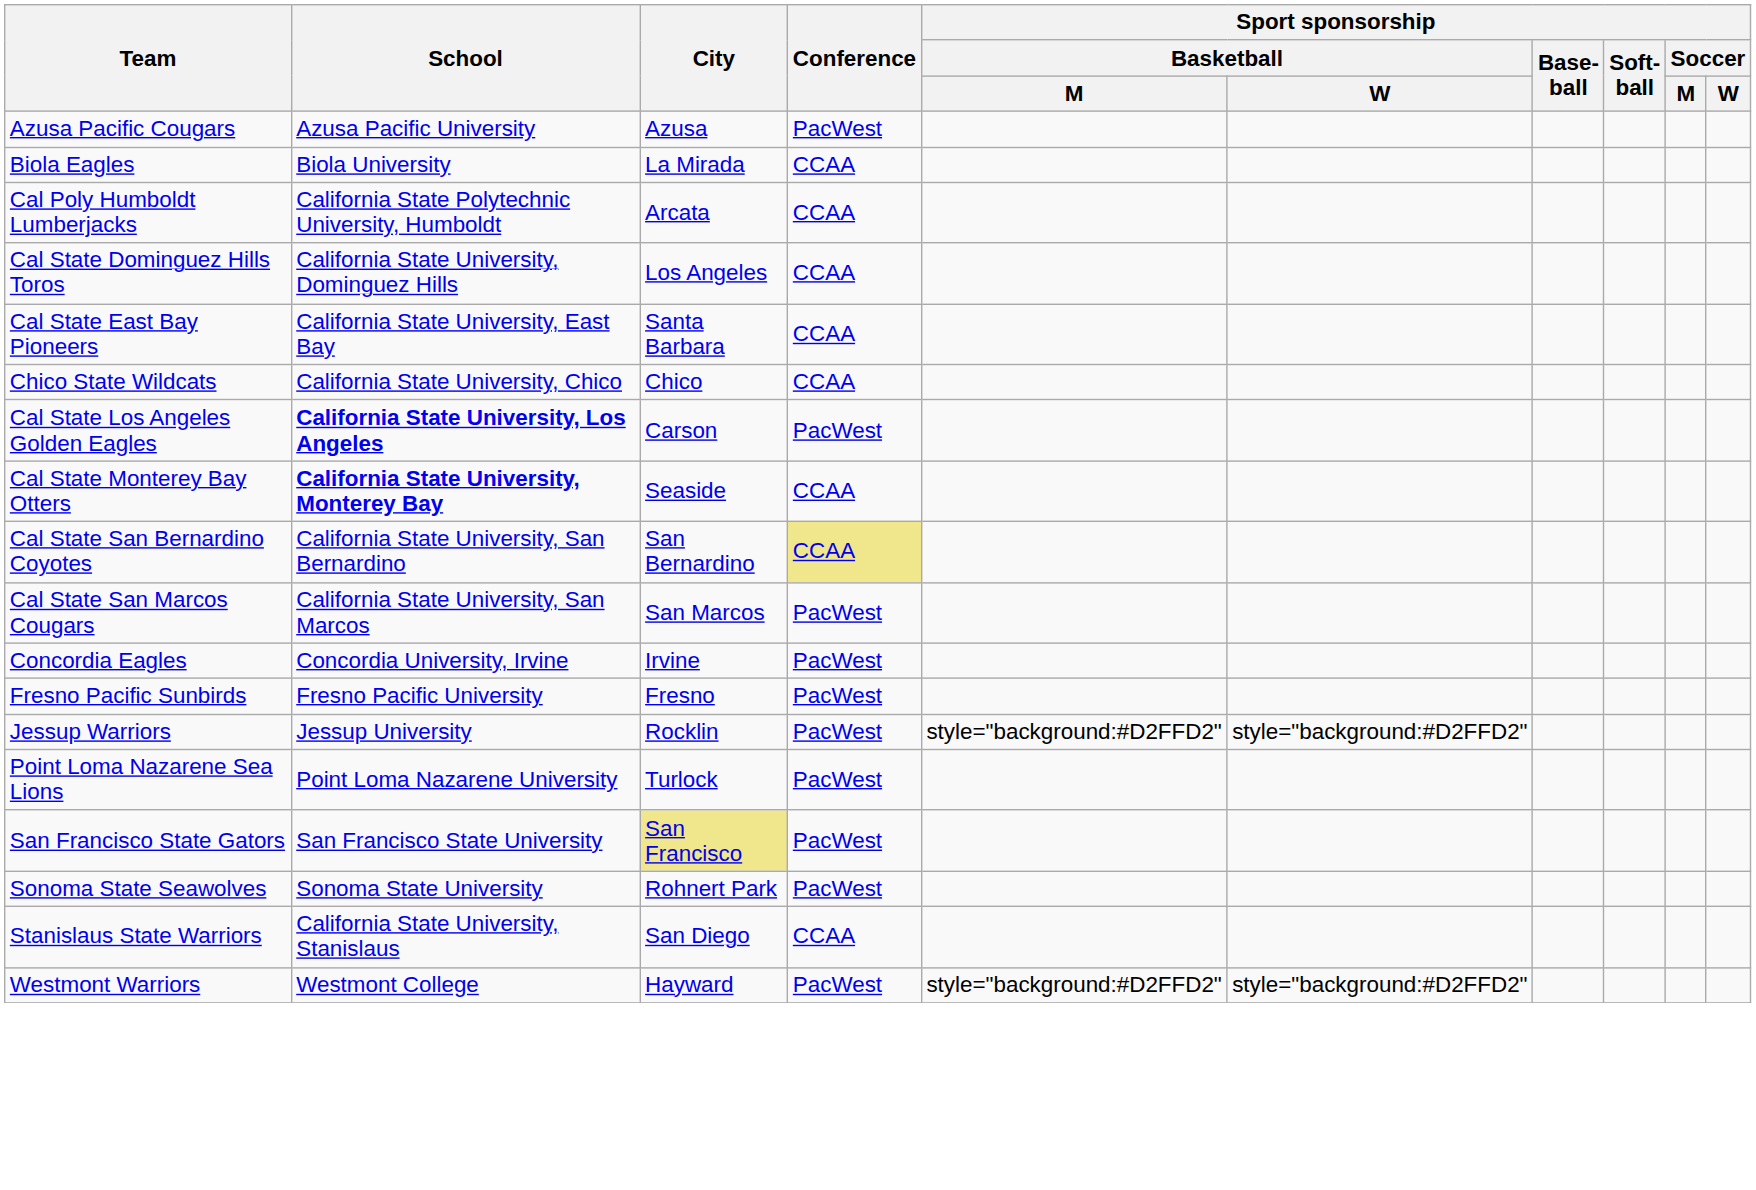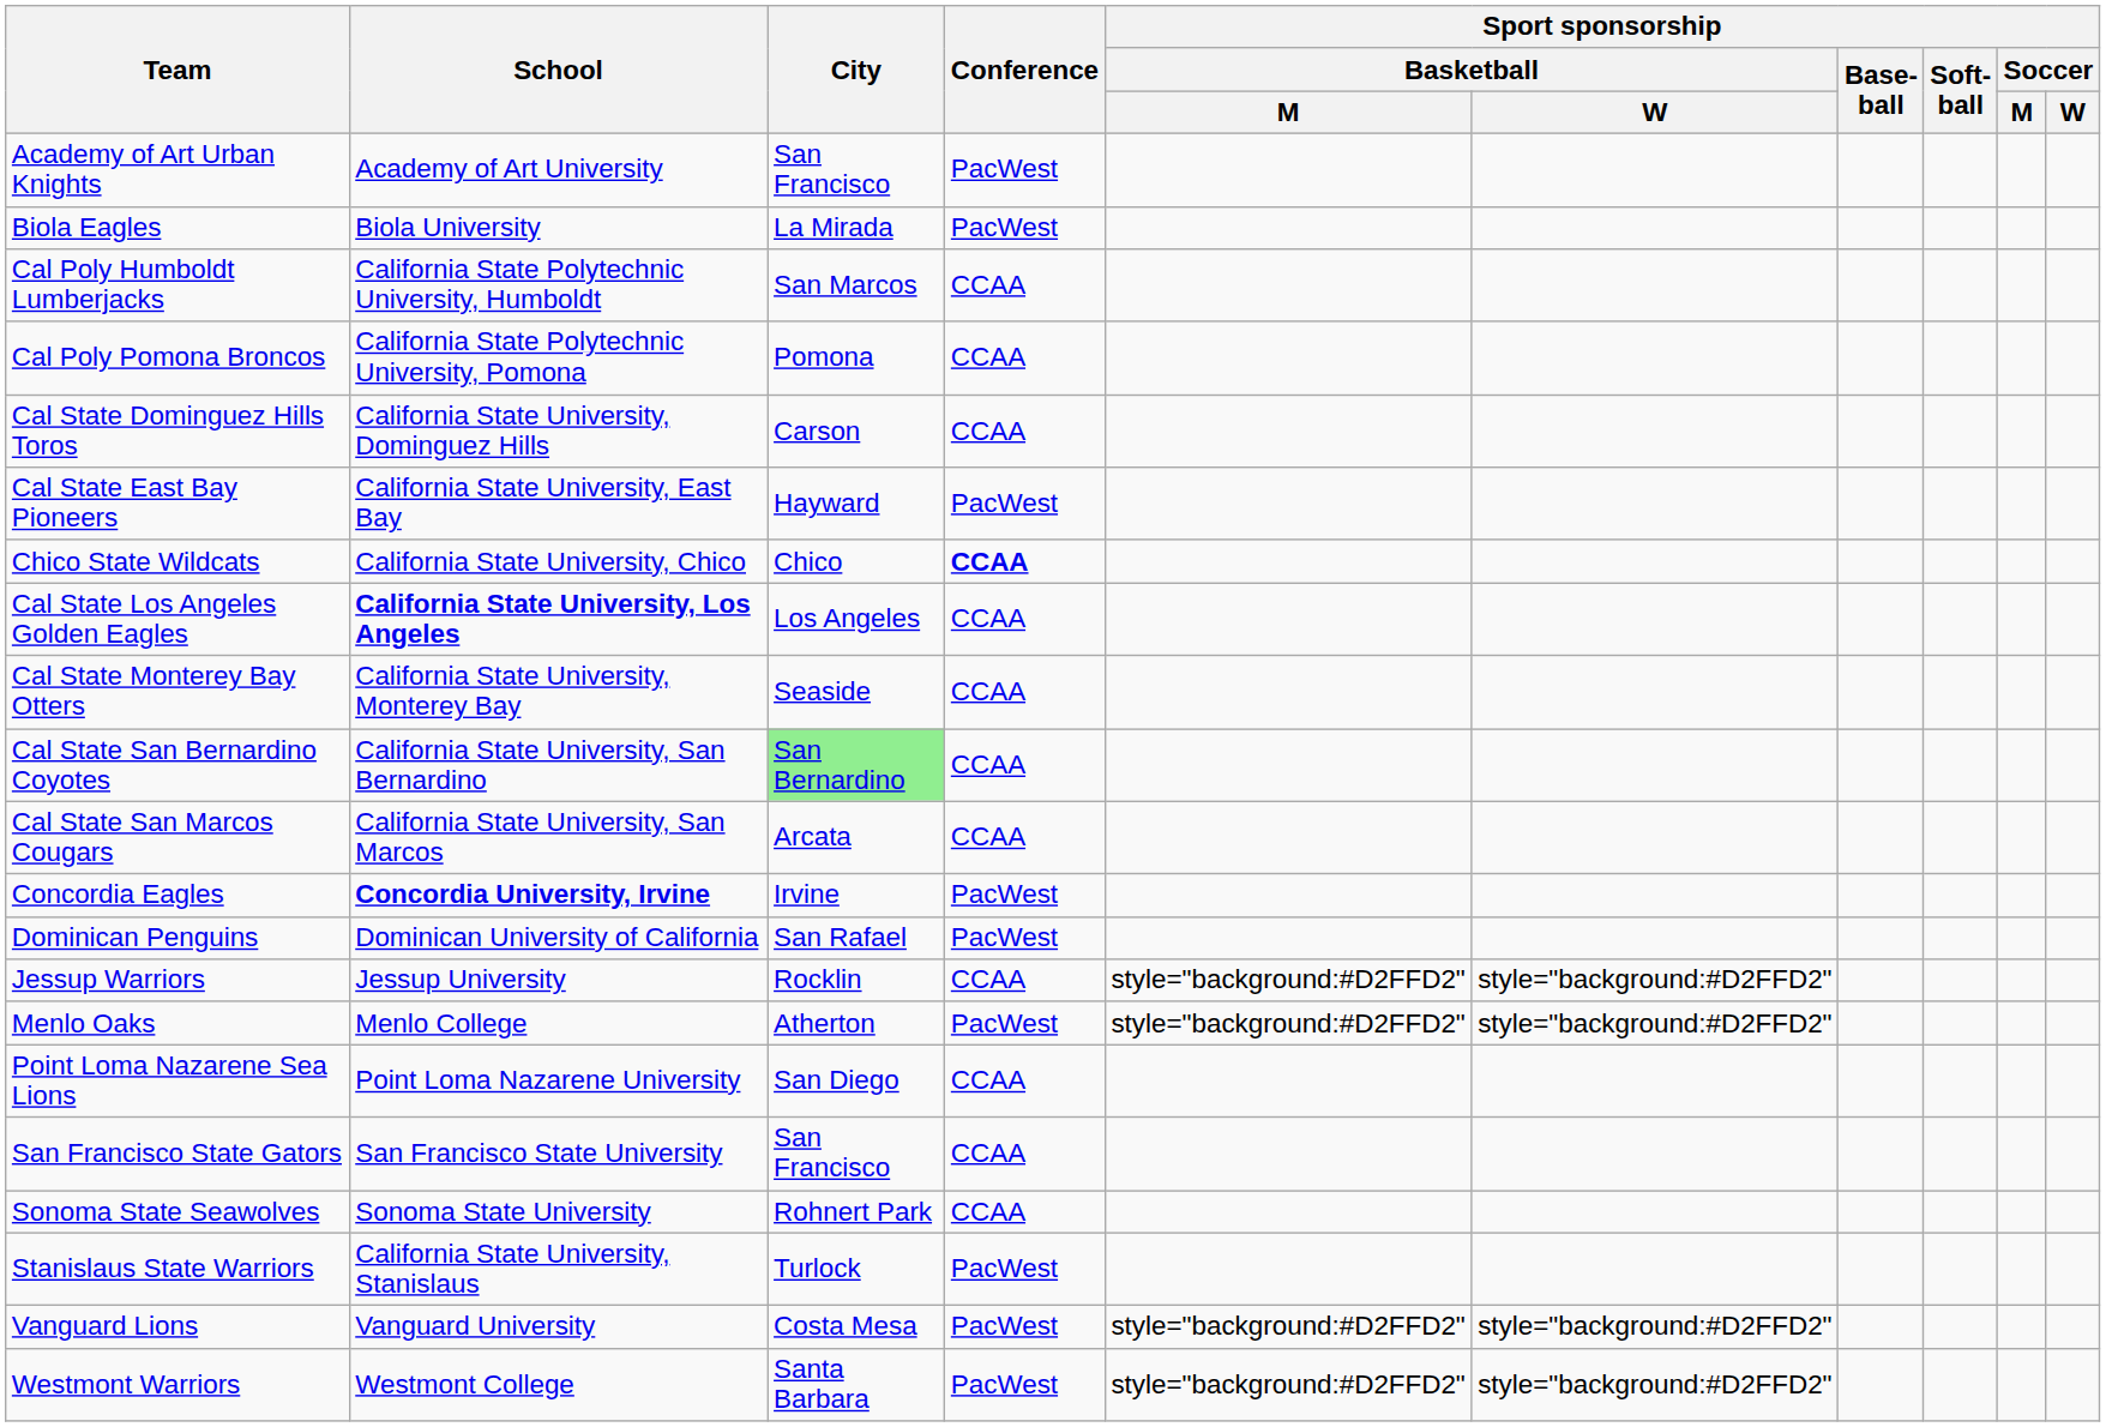 <table class="sortable wikitable">
 <tr>
 <th rowspan=3>Team</th>
 <th rowspan=3>School</th>
 <th rowspan=3>City</th>
 <th rowspan=3>Conference</th>
 <th colspan=6>Sport sponsorship</th>
 </tr>
 <tr>
 <th colspan=2>Basketball</th>
 <th rowspan=2>Base-<br>ball</th>
 <th rowspan=2>Soft-<br>ball</th>
 <th colspan=2>Soccer</th>
 </tr>
 <tr>
 <th>M</th>
 <th>W</th>
 <th>M</th>
 <th>W</th>
 </tr>
 <tr>
-<td><a href='#'>Azusa Pacific Cougars</a></td>
-<td><a href='#'>Azusa Pacific University</a></td>
-<td><a href='#'>Azusa</a></td>
+<td><a href='#'>Academy of Art Urban Knights</a></td>
+<td><a href='#'>Academy of Art University</a></td>
+<td><a href='#'>San Francisco</a></td>
 <td><a href='#'>PacWest</a></td>
 <td></td>
 <td></td>
 <td></td>
 <td></td>
 <td></td>
 <td></td>
 </tr>
 <tr>
 <td><a href='#'>Biola Eagles</a></td>
 <td><a href='#'>Biola University</a></td>
 <td><a href='#'>La Mirada</a></td>
-<td><a href='#'>CCAA</a></td>
+<td><a href='#'>PacWest</a></td>
 <td></td>
 <td></td>
 <td></td>
 <td></td>
 <td></td>
 <td></td>
 </tr>
 <tr>
 <td><a href='#'>Cal Poly Humboldt Lumberjacks</a></td>
 <td><a href='#'>California State Polytechnic University, Humboldt</a></td>
-<td><a href='#'>Arcata</a></td>
+<td><a href='#'>San Marcos</a></td>
+<td><a href='#'>CCAA</a></td>
+<td></td>
+<td></td>
+<td></td>
+<td></td>
+<td></td>
+<td></td>
+</tr>
+<tr>
+<td><a href='#'>Cal Poly Pomona Broncos</a></td>
+<td><a href='#'>California State Polytechnic University, Pomona</a></td>
+<td><a href='#'>Pomona</a></td>
 <td><a href='#'>CCAA</a></td>
 <td></td>
 <td></td>
 <td></td>
 <td></td>
 <td></td>
 <td></td>
 </tr>
 <tr>
 <td><a href='#'>Cal State Dominguez Hills Toros</a></td>
 <td><a href='#'>California State University, Dominguez Hills</a></td>
-<td><a href='#'>Los Angeles</a></td>
+<td><a href='#'>Carson</a></td>
 <td><a href='#'>CCAA</a></td>
 <td></td>
 <td></td>
 <td></td>
 <td></td>
 <td></td>
 <td></td>
 </tr>
 <tr>
 <td><a href='#'>Cal State East Bay Pioneers</a></td>
 <td><a href='#'>California State University, East Bay</a></td>
-<td><a href='#'>Santa Barbara</a></td>
-<td><a href='#'>CCAA</a></td>
+<td><a href='#'>Hayward</a></td>
+<td><a href='#'>PacWest</a></td>
 <td></td>
 <td></td>
 <td></td>
 <td></td>
 <td></td>
 <td></td>
 </tr>
 <tr>
 <td><a href='#'>Chico State Wildcats</a></td>
 <td><a href='#'>California State University, Chico</a></td>
 <td><a href='#'>Chico</a></td>
-<td><a href='#'>CCAA</a></td>
+<td><strong><a href='#'>CCAA</a></strong></td>
 <td></td>
 <td></td>
 <td></td>
 <td></td>
 <td></td>
 <td></td>
 </tr>
 <tr>
 <td><a href='#'>Cal State Los Angeles Golden Eagles</a></td>
 <td><strong><a href='#'>California State University, Los Angeles</a></strong></td>
-<td><a href='#'>Carson</a></td>
-<td><a href='#'>PacWest</a></td>
+<td><a href='#'>Los Angeles</a></td>
+<td><a href='#'>CCAA</a></td>
 <td></td>
 <td></td>
 <td></td>
 <td></td>
 <td></td>
 <td></td>
 </tr>
 <tr>
 <td><a href='#'>Cal State Monterey Bay Otters</a></td>
-<td><strong><a href='#'>California State University, Monterey Bay</a></strong></td>
+<td><a href='#'>California State University, Monterey Bay</a></td>
 <td><a href='#'>Seaside</a></td>
 <td><a href='#'>CCAA</a></td>
 <td></td>
 <td></td>
 <td></td>
 <td></td>
 <td></td>
 <td></td>
 </tr>
 <tr>
 <td><a href='#'>Cal State San Bernardino Coyotes</a></td>
 <td><a href='#'>California State University, San Bernardino</a></td>
-<td><a href='#'>San Bernardino</a></td>
-<td style="background: khaki;"><a href='#'>CCAA</a></td>
+<td style="background: lightgreen;"><a href='#'>San Bernardino</a></td>
+<td><a href='#'>CCAA</a></td>
 <td></td>
 <td></td>
 <td></td>
 <td></td>
 <td></td>
 <td></td>
 </tr>
 <tr>
 <td><a href='#'>Cal State San Marcos Cougars</a></td>
 <td><a href='#'>California State University, San Marcos</a></td>
-<td><a href='#'>San Marcos</a></td>
-<td><a href='#'>PacWest</a></td>
+<td><a href='#'>Arcata</a></td>
+<td><a href='#'>CCAA</a></td>
 <td></td>
 <td></td>
 <td></td>
 <td></td>
 <td></td>
 <td></td>
 </tr>
 <tr>
 <td><a href='#'>Concordia Eagles</a></td>
-<td><a href='#'>Concordia University, Irvine</a></td>
+<td><strong><a href='#'>Concordia University, Irvine</a></strong></td>
 <td><a href='#'>Irvine</a></td>
 <td><a href='#'>PacWest</a></td>
 <td></td>
 <td></td>
 <td></td>
 <td></td>
 <td></td>
 <td></td>
 </tr>
 <tr>
-<td><a href='#'>Fresno Pacific Sunbirds</a></td>
-<td><a href='#'>Fresno Pacific University</a></td>
-<td><a href='#'>Fresno</a></td>
+<td><a href='#'>Dominican Penguins</a></td>
+<td><a href='#'>Dominican University of California</a></td>
+<td><a href='#'>San Rafael</a></td>
 <td><a href='#'>PacWest</a></td>
 <td></td>
 <td></td>
 <td></td>
 <td></td>
 <td></td>
 <td></td>
 </tr>
 <tr>
 <td><a href='#'>Jessup Warriors</a></td>
 <td><a href='#'>Jessup University</a></td>
 <td><a href='#'>Rocklin</a></td>
+<td><a href='#'>CCAA</a></td>
+<td>style="background:#D2FFD2" </td>
+<td>style="background:#D2FFD2" </td>
+<td></td>
+<td></td>
+<td></td>
+<td></td>
+</tr>
+<tr>
+<td><a href='#'>Menlo Oaks</a></td>
+<td><a href='#'>Menlo College</a></td>
+<td><a href='#'>Atherton</a></td>
 <td><a href='#'>PacWest</a></td>
 <td>style="background:#D2FFD2" </td>
 <td>style="background:#D2FFD2" </td>
 <td></td>
 <td></td>
 <td></td>
 <td></td>
 </tr>
 <tr>
 <td><a href='#'>Point Loma Nazarene Sea Lions</a></td>
 <td><a href='#'>Point Loma Nazarene University</a></td>
-<td><a href='#'>Turlock</a></td>
-<td><a href='#'>PacWest</a></td>
+<td><a href='#'>San Diego</a></td>
+<td><a href='#'>CCAA</a></td>
 <td></td>
 <td></td>
 <td></td>
 <td></td>
 <td></td>
 <td></td>
 </tr>
 <tr>
 <td><a href='#'>San Francisco State Gators</a></td>
 <td><a href='#'>San Francisco State University</a></td>
-<td style="background: khaki;"><a href='#'>San Francisco</a></td>
-<td><a href='#'>PacWest</a></td>
+<td><a href='#'>San Francisco</a></td>
+<td><a href='#'>CCAA</a></td>
 <td></td>
 <td></td>
 <td></td>
 <td></td>
 <td></td>
 <td></td>
 </tr>
 <tr>
 <td><a href='#'>Sonoma State Seawolves</a></td>
 <td><a href='#'>Sonoma State University</a></td>
 <td><a href='#'>Rohnert Park</a></td>
-<td><a href='#'>PacWest</a></td>
+<td><a href='#'>CCAA</a></td>
 <td></td>
 <td></td>
 <td></td>
 <td></td>
 <td></td>
 <td></td>
 </tr>
 <tr>
 <td><a href='#'>Stanislaus State Warriors</a></td>
 <td><a href='#'>California State University, Stanislaus</a></td>
-<td><a href='#'>San Diego</a></td>
-<td><a href='#'>CCAA</a></td>
+<td><a href='#'>Turlock</a></td>
+<td><a href='#'>PacWest</a></td>
 <td></td>
 <td></td>
 <td></td>
 <td></td>
 <td></td>
 <td></td>
 </tr>
 <tr>
+<td><a href='#'>Vanguard Lions</a></td>
+<td><a href='#'>Vanguard University</a></td>
+<td><a href='#'>Costa Mesa</a></td>
+<td><a href='#'>PacWest</a></td>
+<td>style="background:#D2FFD2" </td>
+<td>style="background:#D2FFD2" </td>
+<td></td>
+<td></td>
+<td></td>
+<td></td>
+</tr>
+<tr>
 <td><a href='#'>Westmont Warriors</a> </td>
 <td><a href='#'>Westmont College</a></td>
-<td><a href='#'>Hayward</a></td>
+<td><a href='#'>Santa Barbara</a></td>
 <td><a href='#'>PacWest</a></td>
 <td>style="background:#D2FFD2" </td>
 <td>style="background:#D2FFD2" </td>
 <td></td>
 <td></td>
 <td></td>
 <td></td>
 </tr>
 </table>
